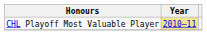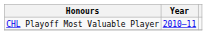 <table class="wikitable">
 <tr>
 <th>Honours</th>
 <th>Year</th>
 <th></th>
 </tr>
 <tr>
 <td><a href='#'>CHL</a> Playoff Most Valuable Player</td>
-<td style="background: khaki;"><a href='#'>2010–11</a></td>
+<td><a href='#'>2010–11</a></td>
 <td></td>
 </tr>
 <tr>
 </tr>
 </table>
